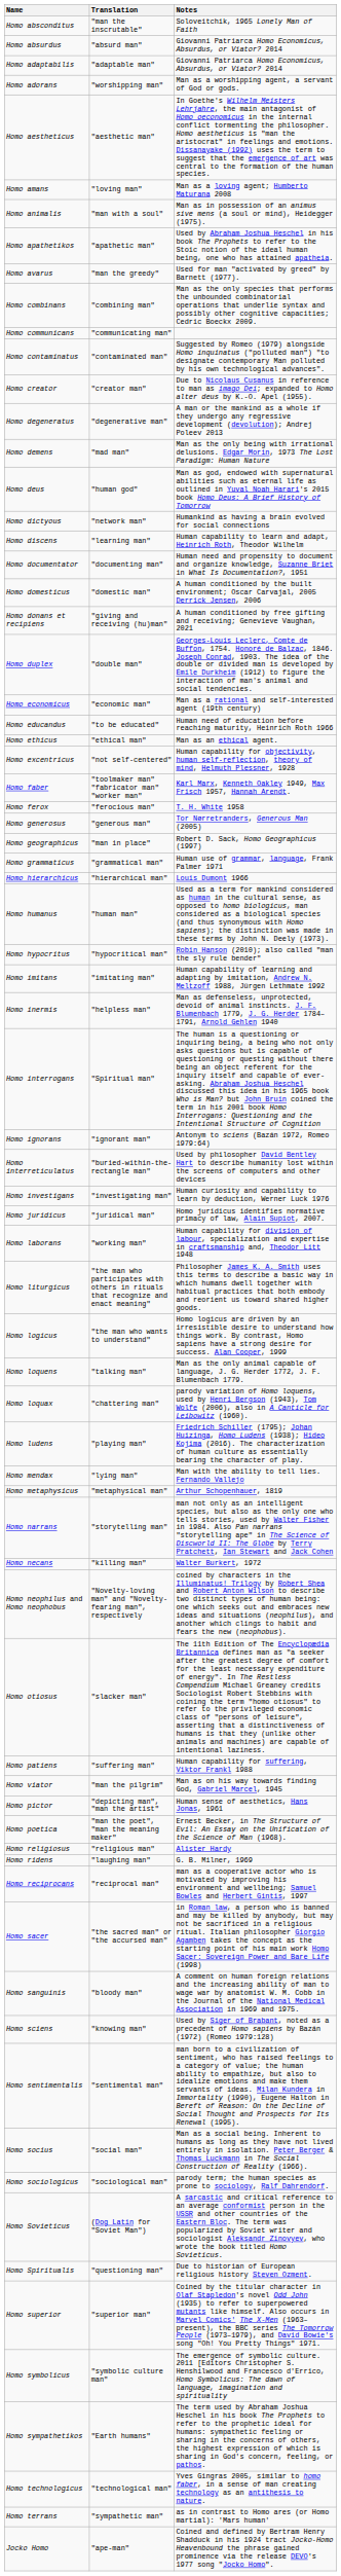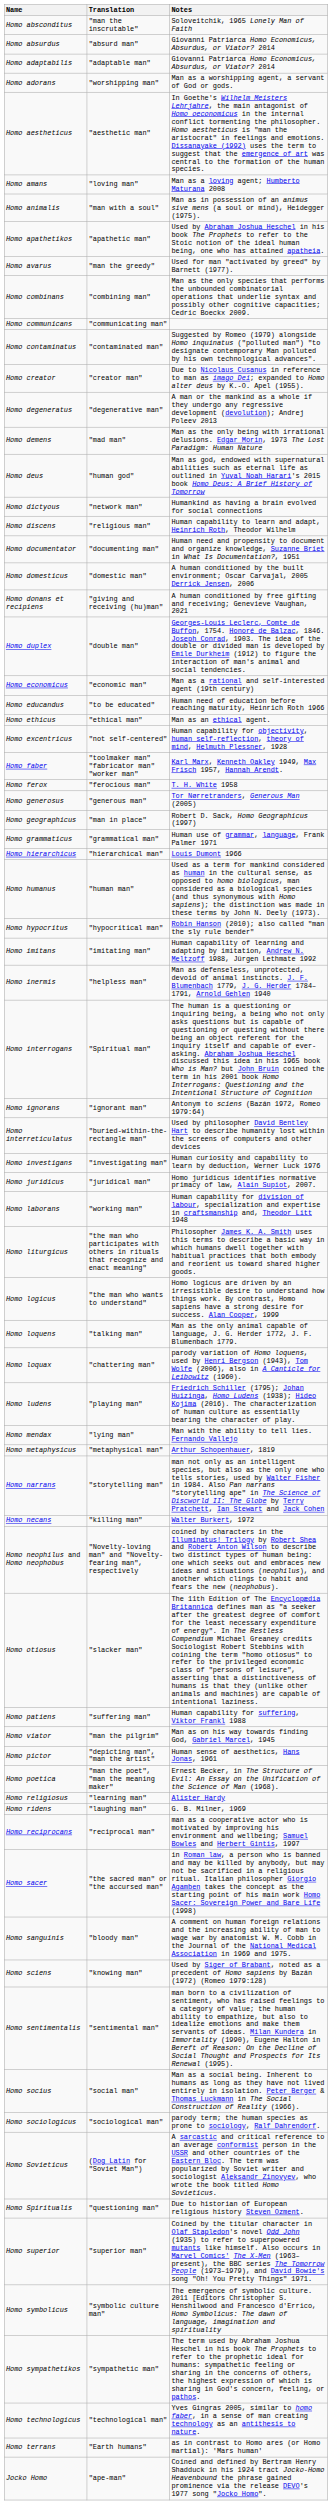 <table class="wikitable sortable">
 <tr>
 <th style="width:150px; text-align:left;">Name</th>
 <th style="width:150px; text-align:left;">Translation</th>
 <th style=text-align:left>Notes</th>
 </tr>
 <tr>
 <td><em>Homo absconditus</em></td>
 <td>"man the inscrutable"</td>
 <td>Soloveitchik, 1965 <em>Lonely Man of Faith</em></td>
 </tr>
 <tr>
 <td><em>Homo absurdus</em></td>
 <td>"absurd man"</td>
 <td>Giovanni Patriarca <em>Homo Economicus, Absurdus, or Viator?</em> 2014</td>
 </tr>
 <tr>
 <td><em>Homo adaptabilis</em></td>
 <td>"adaptable man"</td>
 <td>Giovanni Patriarca <em>Homo Economicus, Absurdus, or Viator?</em> 2014</td>
 </tr>
 <tr>
 <td><em>Homo adorans</em></td>
 <td>"worshipping man"</td>
 <td>Man as a worshipping agent, a servant of God or gods.</td>
 </tr>
 <tr>
 <td><em>Homo aestheticus</em></td>
 <td>"aesthetic man"</td>
 <td>In Goethe's <em><a href='#'>Wilhelm Meisters Lehrjahre</a></em>, the main antagonist of <em><a href='#'>Homo oeconomicus</a></em> in the internal conflict tormenting the philosopher. <em>Homo aestheticus</em> is "man the aristocrat" in feelings and emotions. <a href='#'>Dissanayake (1992)</a> uses the term to suggest that the <a href='#'>emergence of art</a> was central to the formation of the human species.</td>
 </tr>
 <tr>
 <td><em>Homo amans</em></td>
 <td>"loving man"</td>
 <td>Man as a <a href='#'>loving</a> agent; <a href='#'>Humberto Maturana</a> 2008</td>
 </tr>
 <tr>
 <td><em>Homo animalis</em></td>
 <td>"man with a soul"</td>
 <td>Man as in possession of an <em>animus sive mens</em> (a soul or mind), Heidegger (1975).</td>
 </tr>
 <tr>
 <td><em>Homo apathetikos</em></td>
 <td>"apathetic man"</td>
 <td>Used by <a href='#'>Abraham Joshua Heschel</a> in his book <em>The Prophets</em> to refer to the Stoic notion of the ideal human being, one who has attained <a href='#'>apatheia</a>.</td>
 </tr>
 <tr>
 <td><em>Homo avarus</em></td>
 <td>"man the greedy"</td>
 <td>Used for man "activated by greed" by Barnett (1977).</td>
 </tr>
 <tr>
 <td><em>Homo combinans</em></td>
 <td>"combining man"</td>
 <td>Man as the only species that performs the unbounded combinatorial operations that underlie syntax and possibly other cognitive capacities; Cedric Boeckx 2009.</td>
 </tr>
 <tr>
 <td><em>Homo communicans</em></td>
 <td>"communicating man"</td>
 <td></td>
 </tr>
 <tr>
 <td><em>Homo contaminatus</em></td>
 <td>"contaminated man"</td>
 <td>Suggested by Romeo (1979) alongside <em>Homo inquinatus</em> ("polluted man") "to designate contemporary Man polluted by his own technological advances".</td>
 </tr>
 <tr>
 <td><em>Homo creator</em></td>
 <td>"creator man"</td>
 <td>Due to <a href='#'>Nicolaus Cusanus</a> in reference to man as <em><a href='#'>imago Dei</a></em>; expanded to <em>Homo alter deus</em> by K.-O. Apel (1955).</td>
 </tr>
 <tr>
 <td><em>Homo degeneratus</em></td>
 <td>"degenerative man"</td>
 <td>A man or the mankind as a whole if they undergo any regressive development (<a href='#'>devolution</a>); Andrej Poleev 2013</td>
 </tr>
 <tr>
 <td><em>Homo demens</em></td>
 <td>"mad man"</td>
 <td>Man as the only being with irrational delusions. <a href='#'>Edgar Morin</a>, 1973 <em>The Lost Paradigm: Human Nature</em></td>
 </tr>
 <tr>
 <td><em>Homo deus</em></td>
 <td>"human god"</td>
 <td>Man as god, endowed with supernatural abilities such as eternal life as outlined in <a href='#'>Yuval Noah Harari</a>'s 2015 book <em><a href='#'>Homo Deus: A Brief History of Tomorrow</a></em></td>
 </tr>
 <tr>
 <td><em>Homo dictyous</em></td>
 <td>"network man"</td>
 <td>Humankind as having a brain evolved for social connections</td>
 </tr>
 <tr>
 <td><em>Homo discens</em></td>
-<td>"learning man"</td>
+<td>"religious man"</td>
 <td>Human capability to learn and adapt, <a href='#'>Heinrich Roth</a>, Theodor Wilhelm</td>
 </tr>
 <tr>
 <td><em>Homo documentator</em></td>
 <td>"documenting man"</td>
 <td>Human need and propensity to document and organize knowledge, <a href='#'>Suzanne Briet</a> in <em>What Is Documentation?</em>, 1951</td>
 </tr>
 <tr>
 <td><em>Homo domesticus</em></td>
 <td>"domestic man"</td>
 <td>A human conditioned by the built environment; Oscar Carvajal, 2005 <a href='#'>Derrick Jensen</a>, 2006</td>
 </tr>
 <tr>
 <td><em>Homo donans et recipiens</em></td>
 <td>"giving and receiving (hu)man"</td>
 <td>A human conditioned by free gifting and receiving; Genevieve Vaughan, 2021</td>
 </tr>
 <tr>
 <td><em><a href='#'>Homo duplex</a></em></td>
 <td>"double man"</td>
 <td><a href='#'>Georges-Louis Leclerc, Comte de Buffon</a>, 1754. <a href='#'>Honoré de Balzac</a>, 1846. <a href='#'>Joseph Conrad</a>, 1903. The idea of the double or divided man is developed by <a href='#'>Émile Durkheim</a> (1912) to figure the interaction of man's animal and social tendencies.</td>
 </tr>
 <tr>
 <td><em><a href='#'>Homo economicus</a></em></td>
 <td>"economic man"</td>
 <td>Man as a <a href='#'>rational</a> and self-interested agent (19th century)</td>
 </tr>
 <tr>
 <td><em>Homo educandus</em></td>
 <td>"to be educated"</td>
 <td>Human need of education before reaching maturity, Heinrich Roth 1966</td>
 </tr>
 <tr>
 <td><em>Homo ethicus</em></td>
 <td>"ethical man"</td>
 <td>Man as an <a href='#'>ethical</a> agent.</td>
 </tr>
 <tr>
 <td><em>Homo excentricus</em></td>
 <td>"not self-centered"</td>
 <td>Human capability for <a href='#'>objectivity</a>, <a href='#'>human self-reflection</a>, <a href='#'>theory of mind</a>, <a href='#'>Helmuth Plessner</a>, 1928</td>
 </tr>
 <tr>
 <td><em><a href='#'>Homo faber</a></em></td>
 <td>"toolmaker man"<br>"fabricator man"<br>"worker man"</td>
 <td><a href='#'>Karl Marx</a>, <a href='#'>Kenneth Oakley</a> 1949, <a href='#'>Max Frisch</a> 1957, <a href='#'>Hannah Arendt</a>.</td>
 </tr>
 <tr>
 <td><em>Homo ferox</em></td>
 <td>"ferocious man"</td>
 <td><a href='#'>T. H. White</a> 1958</td>
 </tr>
 <tr>
 <td><em>Homo generosus</em></td>
 <td>"generous man"</td>
 <td><a href='#'>Tor Nørretranders</a>, <em><a href='#'>Generous Man</a></em> (2005)</td>
 </tr>
 <tr>
 <td><em>Homo geographicus</em></td>
 <td>"man in place"</td>
 <td>Robert D. Sack, <em>Homo Geographicus</em> (1997)</td>
 </tr>
 <tr>
 <td><em>Homo grammaticus</em></td>
 <td>"grammatical man"</td>
 <td>Human use of <a href='#'>grammar</a>, <a href='#'>language</a>, Frank Palmer 1971</td>
 </tr>
 <tr>
 <td><em><a href='#'>Homo hierarchicus</a></em></td>
 <td>"hierarchical man"</td>
 <td><a href='#'>Louis Dumont</a> 1966</td>
 </tr>
 <tr>
 <td><em>Homo humanus</em></td>
 <td>"human man"</td>
 <td>Used as a term for mankind considered as <a href='#'>human</a> in the cultural sense, as opposed to <em>homo biologicus</em>, man considered as a biological species (and thus synonymous with <em>Homo sapiens</em>); the distinction was made in these terms by John N. Deely (1973).</td>
 </tr>
 <tr>
 <td><em>Homo hypocritus</em></td>
 <td>"hypocritical man"</td>
 <td><a href='#'>Robin Hanson</a> (2010); also called "man the sly rule bender"</td>
 </tr>
 <tr>
 <td><em>Homo imitans</em></td>
 <td>"imitating man"</td>
 <td>Human capability of learning and adapting by imitation, <a href='#'>Andrew N. Meltzoff</a> 1988, Jürgen Lethmate 1992</td>
 </tr>
 <tr>
 <td><em>Homo inermis</em></td>
 <td>"helpless man"</td>
 <td>Man as defenseless, unprotected, devoid of animal instincts. <a href='#'>J. F. Blumenbach</a> 1779, <a href='#'>J. G. Herder</a> 1784–1791, <a href='#'>Arnold Gehlen</a> 1940</td>
 </tr>
 <tr>
 <td><em>Homo interrogans</em></td>
 <td>"Spiritual man"</td>
 <td>The human is a questioning or inquiring being, a being who not only asks questions but is capable of questioning or questing without there being an object referent for the inquiry itself and capable of ever-asking. <a href='#'>Abraham Joshua Heschel</a> discussed this idea in his 1965 book <em> Who is Man?</em> but <a href='#'>John Bruin</a> coined the term in his 2001 book <em>Homo Interrogans: Questioning and the Intentional Structure of Cognition</em></td>
 </tr>
 <tr>
 <td><em>Homo ignorans</em></td>
 <td>"ignorant man"</td>
 <td>Antonym to <em>sciens</em> (Bazán 1972, Romeo 1979:64)</td>
 </tr>
 <tr>
 <td><em>Homo interreticulatus</em></td>
 <td>"buried-within-the-rectangle man"</td>
 <td>Used by philosopher <a href='#'>David Bentley Hart</a> to describe humanity lost within the screens of computers and other devices </td>
 </tr>
 <tr>
 <td><em>Homo investigans</em></td>
 <td>"investigating man"</td>
 <td>Human curiosity and capability to learn by deduction, Werner Luck 1976</td>
 </tr>
 <tr>
 <td><em>Homo juridicus</em></td>
 <td>"juridical man"</td>
 <td>Homo juridicus identifies normative primacy of law, <a href='#'>Alain Supiot</a>, 2007.</td>
 </tr>
 <tr>
 <td><em>Homo laborans</em></td>
 <td>"working man"</td>
 <td>Human capability for <a href='#'>division of labour</a>, specialization and expertise in <a href='#'>craftsmanship</a> and, <a href='#'>Theodor Litt</a> 1948</td>
 </tr>
 <tr>
 <td><em>Homo liturgicus</em></td>
 <td>"the man who participates with others in rituals that recognize and enact meaning"</td>
 <td>Philosopher <a href='#'>James K. A. Smith</a> uses this terms to describe a basic way in which humans dwell together with habitual practices that both embody and reorient us toward shared higher goods.</td>
 </tr>
 <tr>
 <td><em>Homo logicus</em></td>
 <td>"the man who wants to understand"</td>
 <td>Homo logicus are driven by an irresistible desire to understand how things work. By contrast, Homo sapiens have a strong desire for success. <a href='#'>Alan Cooper</a>, 1999</td>
 </tr>
 <tr>
 <td><em>Homo loquens</em></td>
 <td>"talking man"</td>
 <td>Man as the only animal capable of language, J. G. Herder 1772, J. F. Blumenbach 1779.</td>
 </tr>
 <tr>
 <td><em>Homo loquax</em></td>
 <td>"chattering man"</td>
 <td>parody variation of <em>Homo loquens</em>, used by <a href='#'>Henri Bergson</a> (1943), <a href='#'>Tom Wolfe</a> (2006), also in <em><a href='#'>A Canticle for Leibowitz</a></em> (1960).</td>
 </tr>
 <tr>
 <td><em>Homo ludens</em></td>
 <td>"playing man"</td>
 <td><a href='#'>Friedrich Schiller</a> (1795); <a href='#'>Johan Huizinga</a>, <em><a href='#'>Homo Ludens</a></em> (1938); <a href='#'>Hideo Kojima</a> (2016). The characterization of human culture as essentially bearing the character of play.</td>
 </tr>
 <tr>
 <td><em>Homo mendax</em></td>
 <td>"lying man"</td>
 <td>Man with the ability to tell lies. <a href='#'>Fernando Vallejo</a></td>
 </tr>
 <tr>
 <td><em>Homo metaphysicus</em></td>
 <td>"metaphysical man"</td>
 <td><a href='#'>Arthur Schopenhauer</a>, 1819</td>
 </tr>
 <tr>
 <td><em><a href='#'>Homo narrans</a></em></td>
 <td>"storytelling man"</td>
 <td>man not only as an intelligent species, but also as the only one who tells stories, used by <a href='#'>Walter Fisher</a> in 1984. Also <em>Pan narrans</em> "storytelling ape" in <em><a href='#'>The Science of Discworld II: The Globe</a></em> by <a href='#'>Terry Pratchett</a>, <a href='#'>Ian Stewart</a> and <a href='#'>Jack Cohen</a></td>
 </tr>
 <tr>
 <td><em><a href='#'>Homo necans</a></em></td>
 <td>"killing man"</td>
 <td><a href='#'>Walter Burkert</a>, 1972</td>
 </tr>
 <tr>
 <td><em>Homo neophilus</em> and <em>Homo neophobus</em></td>
 <td>"Novelty-loving man" and "Novelty-fearing man", respectively</td>
 <td>coined by characters in the <a href='#'>Illuminatus! Trilogy</a> by <a href='#'>Robert Shea</a> and <a href='#'>Robert Anton Wilson</a> to describe two distinct types of human being: one which seeks out and embraces new ideas and situations (<em>neophilus</em>), and another which clings to habit and fears the new (<em>neophobus</em>).</td>
 </tr>
 <tr>
 <td><em>Homo otiosus</em></td>
 <td>"slacker man"</td>
 <td>The 11th Edition of The <a href='#'>Encyclopædia Britannica</a> defines man as "a seeker after the greatest degree of comfort for the least necessary expenditure of energy". In <em>The Restless Compendium</em> Michael Greaney credits Sociologist Robert Stebbins with coining the term "homo otiosus" to refer to the privileged economic class of "persons of leisure", asserting that a distinctiveness of humans is that they (unlike other animals and machines) are capable of intentional laziness.</td>
 </tr>
 <tr>
 <td><em>Homo patiens</em></td>
 <td>"suffering man"</td>
 <td>Human capability for <a href='#'>suffering</a>, <a href='#'>Viktor Frankl</a> 1988</td>
 </tr>
 <tr>
 <td><em>Homo viator</em></td>
 <td>"man the pilgrim"</td>
 <td>Man as on his way towards finding God, <a href='#'>Gabriel Marcel</a>, 1945</td>
 </tr>
 <tr>
 <td><em>Homo pictor</em></td>
 <td>"depicting man", "man the artist"</td>
 <td>Human sense of aesthetics, <a href='#'>Hans Jonas</a>, 1961</td>
 </tr>
 <tr>
 <td><em>Homo poetica</em></td>
 <td>"man the poet", "man the meaning maker"</td>
 <td>Ernest Becker, in <em>The Structure of Evil: An Essay on the Unification of the Science of Man</em> (1968).</td>
 </tr>
 <tr>
 <td><em>Homo religiosus</em></td>
-<td>"religious man"</td>
+<td>"learning man"</td>
 <td><a href='#'>Alister Hardy</a></td>
 </tr>
 <tr>
 <td><em>Homo ridens</em></td>
 <td>"laughing man"</td>
 <td>G. B. Milner, 1969</td>
 </tr>
 <tr>
 <td><em><a href='#'>Homo reciprocans</a></em></td>
 <td>"reciprocal man"</td>
 <td>man as a cooperative actor who is motivated by improving his environment and wellbeing; <a href='#'>Samuel Bowles</a> and <a href='#'>Herbert Gintis</a>, 1997</td>
 </tr>
 <tr>
 <td><em><a href='#'>Homo sacer</a></em></td>
 <td>"the sacred man" or "the accursed man"</td>
 <td>in <a href='#'>Roman law</a>, a person who is banned and may be killed by anybody, but may not be sacrificed in a religious ritual. Italian philosopher <a href='#'>Giorgio Agamben</a> takes the concept as the starting point of his main work <a href='#'>Homo Sacer: Sovereign Power and Bare Life</a> (1998)</td>
 </tr>
 <tr>
 <td><em>Homo sanguinis</em></td>
 <td>"bloody man"</td>
 <td>A comment on human foreign relations and the increasing ability of man to wage war by anatomist W. M. Cobb in the Journal of the <a href='#'>National Medical Association</a> in 1969 and 1975.</td>
 </tr>
 <tr>
 <td><em>Homo sciens</em></td>
 <td>"knowing man"</td>
 <td>Used by <a href='#'>Siger of Brabant</a>, noted as a precedent of <em>Homo sapiens</em> by Bazán (1972) (Romeo 1979:128)</td>
 </tr>
 <tr>
 <td><em>Homo sentimentalis</em></td>
 <td>"sentimental man"</td>
 <td>man born to a civilization of sentiment, who has raised feelings to a category of value; the human ability to empathize, but also to idealize emotions and make them servants of ideas. <a href='#'>Milan Kundera</a> in <em>Immortality</em> (1990), Eugene Halton in <em>Bereft of Reason: On the Decline of Social Thought and Prospects for Its Renewal</em> (1995).</td>
 </tr>
 <tr>
 <td><em>Homo socius</em></td>
 <td>"social man"</td>
 <td>Man as a social being. Inherent to humans as long as they have not lived entirely in isolation. <a href='#'>Peter Berger</a> & <a href='#'>Thomas Luckmann</a> in <em>The Social Construction of Reality</em> (1966).</td>
 </tr>
 <tr>
 <td><em>Homo sociologicus</em></td>
 <td>"sociological man"</td>
 <td>parody term; the human species as prone to <a href='#'>sociology</a>, <a href='#'>Ralf Dahrendorf</a>.</td>
 </tr>
 <tr>
 <td><em>Homo Sovieticus</em></td>
 <td>(<a href='#'>Dog Latin</a> for "Soviet Man")</td>
 <td>A <a href='#'>sarcastic</a> and critical reference to an average <a href='#'>conformist</a> person in the <a href='#'>USSR</a> and other countries of the <a href='#'>Eastern Bloc</a>. The term was popularized by Soviet writer and sociologist <a href='#'>Aleksandr Zinovyev</a>, who wrote the book titled <em>Homo Sovieticus</em>.</td>
 </tr>
 <tr>
 <td><em>Homo Spiritualis</em></td>
 <td>"questioning man"</td>
 <td>Due to historian of European religious history <a href='#'>Steven Ozment</a>.</td>
 </tr>
 <tr>
 <td><em>Homo superior</em></td>
 <td>"superior man"</td>
 <td>Coined by the titular character in <a href='#'>Olaf Stapledon</a>'s novel <em><a href='#'>Odd John</a></em> (1935) to refer to superpowered <a href='#'>mutants</a> like himself. Also occurs in <a href='#'>Marvel Comics'</a> <em><a href='#'>The X-Men</a></em> (1963–present), the BBC series <em><a href='#'>The Tomorrow People</a></em> (1973–1979), and <a href='#'>David Bowie's</a> song "Oh! You Pretty Things" 1971.</td>
 </tr>
 <tr>
 <td><em>Homo symbolicus</em></td>
 <td>"symbolic culture man"</td>
 <td>The emergence of symbolic culture. 2011 [Editors Christopher S. Henshilwood and Francesco d'Errico, <em>Homo Symbolicus: The dawn of language, imagination and spirituality</em></td>
 </tr>
 <tr>
 <td><em>Homo sympathetikos</em></td>
-<td>"Earth humans"</td>
+<td>"sympathetic man"</td>
 <td>The term used by Abraham Joshua Heschel in his book <em>The Prophets</em> to refer to the prophetic ideal for humans: sympathetic feeling or sharing in the concerns of others, the highest expression of which is sharing in God's concern, feeling, or <a href='#'>pathos</a>.</td>
 </tr>
 <tr>
 <td><em>Homo technologicus</em></td>
 <td>"technological man"</td>
 <td>Yves Gingras 2005, similar to <em><a href='#'>homo faber</a></em>, in a sense of man creating <a href='#'>technology</a> as an <a href='#'>antithesis to nature</a>.</td>
 </tr>
 <tr>
 <td><em>Homo terrans</em></td>
-<td>"sympathetic man"</td>
+<td>"Earth humans"</td>
 <td>as in contrast to Homo ares (or Homo martial): 'Mars human'</td>
 </tr>
 <tr>
 <td><em>Jocko Homo</em></td>
 <td>"ape-man"</td>
 <td>Coined and defined by Bertram Henry Shadduck in his 1924 tract <em>Jocko-Homo Heavenbound</em> the phrase gained prominence via the release <a href='#'>DEVO</a>'s 1977 song "<a href='#'>Jocko Homo</a>".</td>
 </tr>
 </table>
